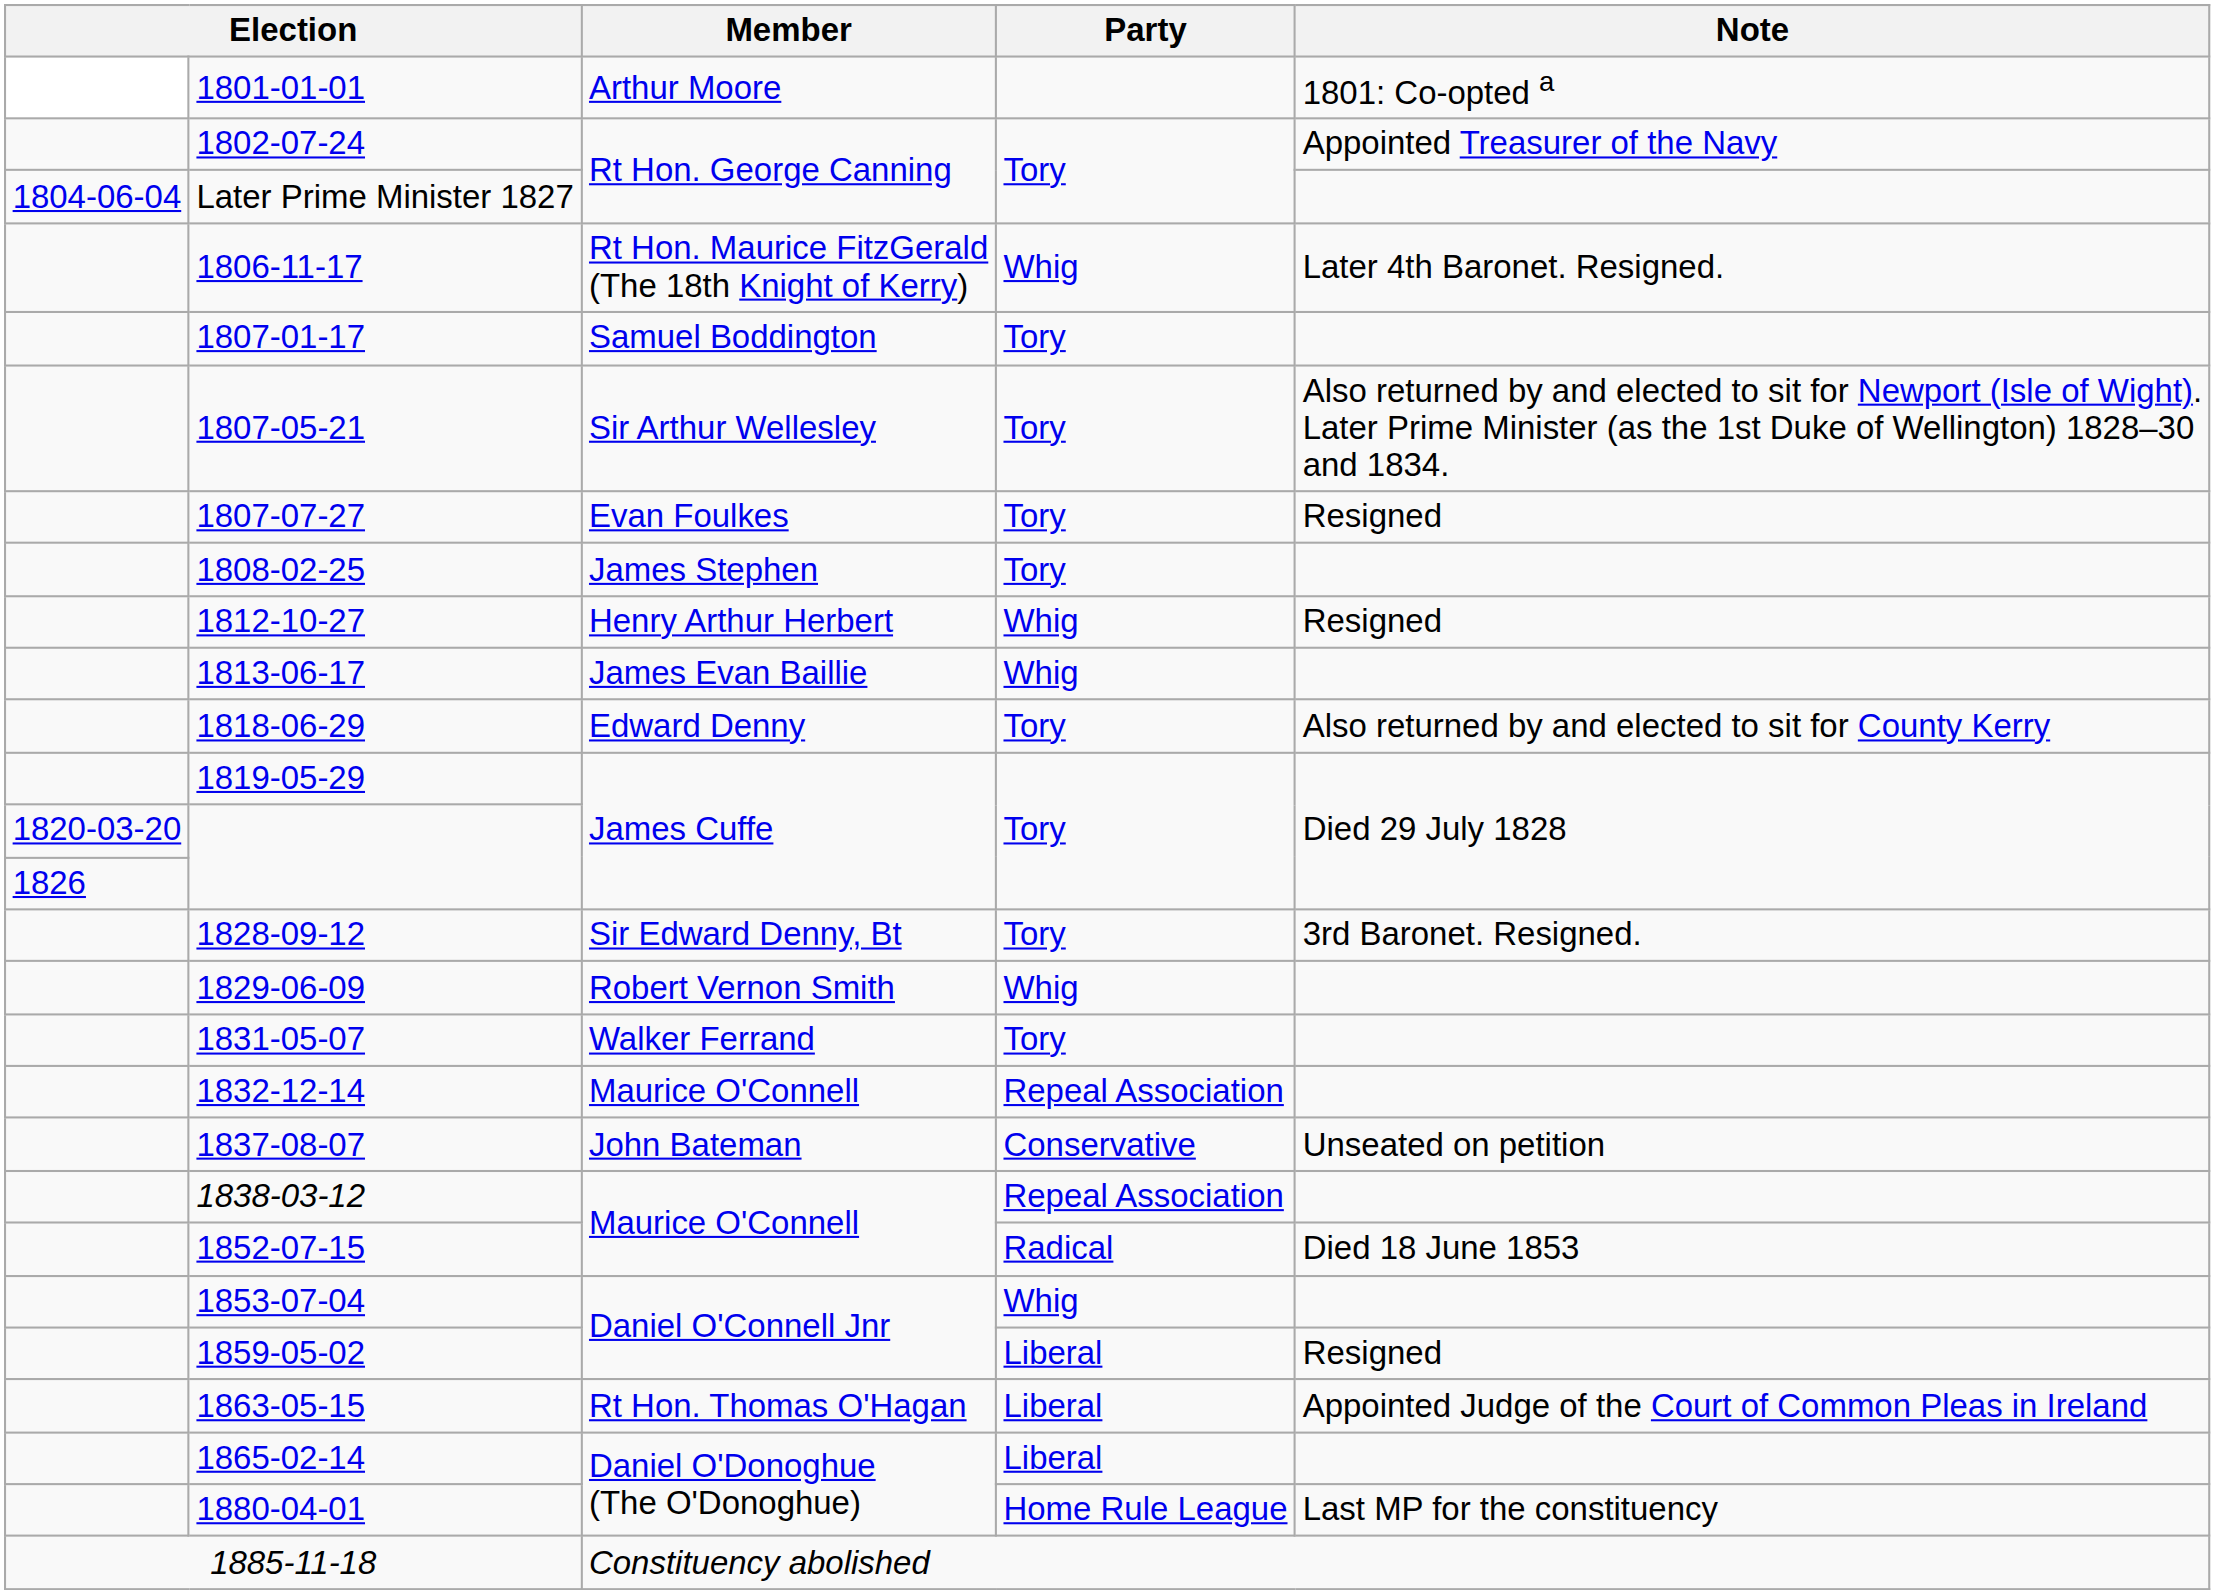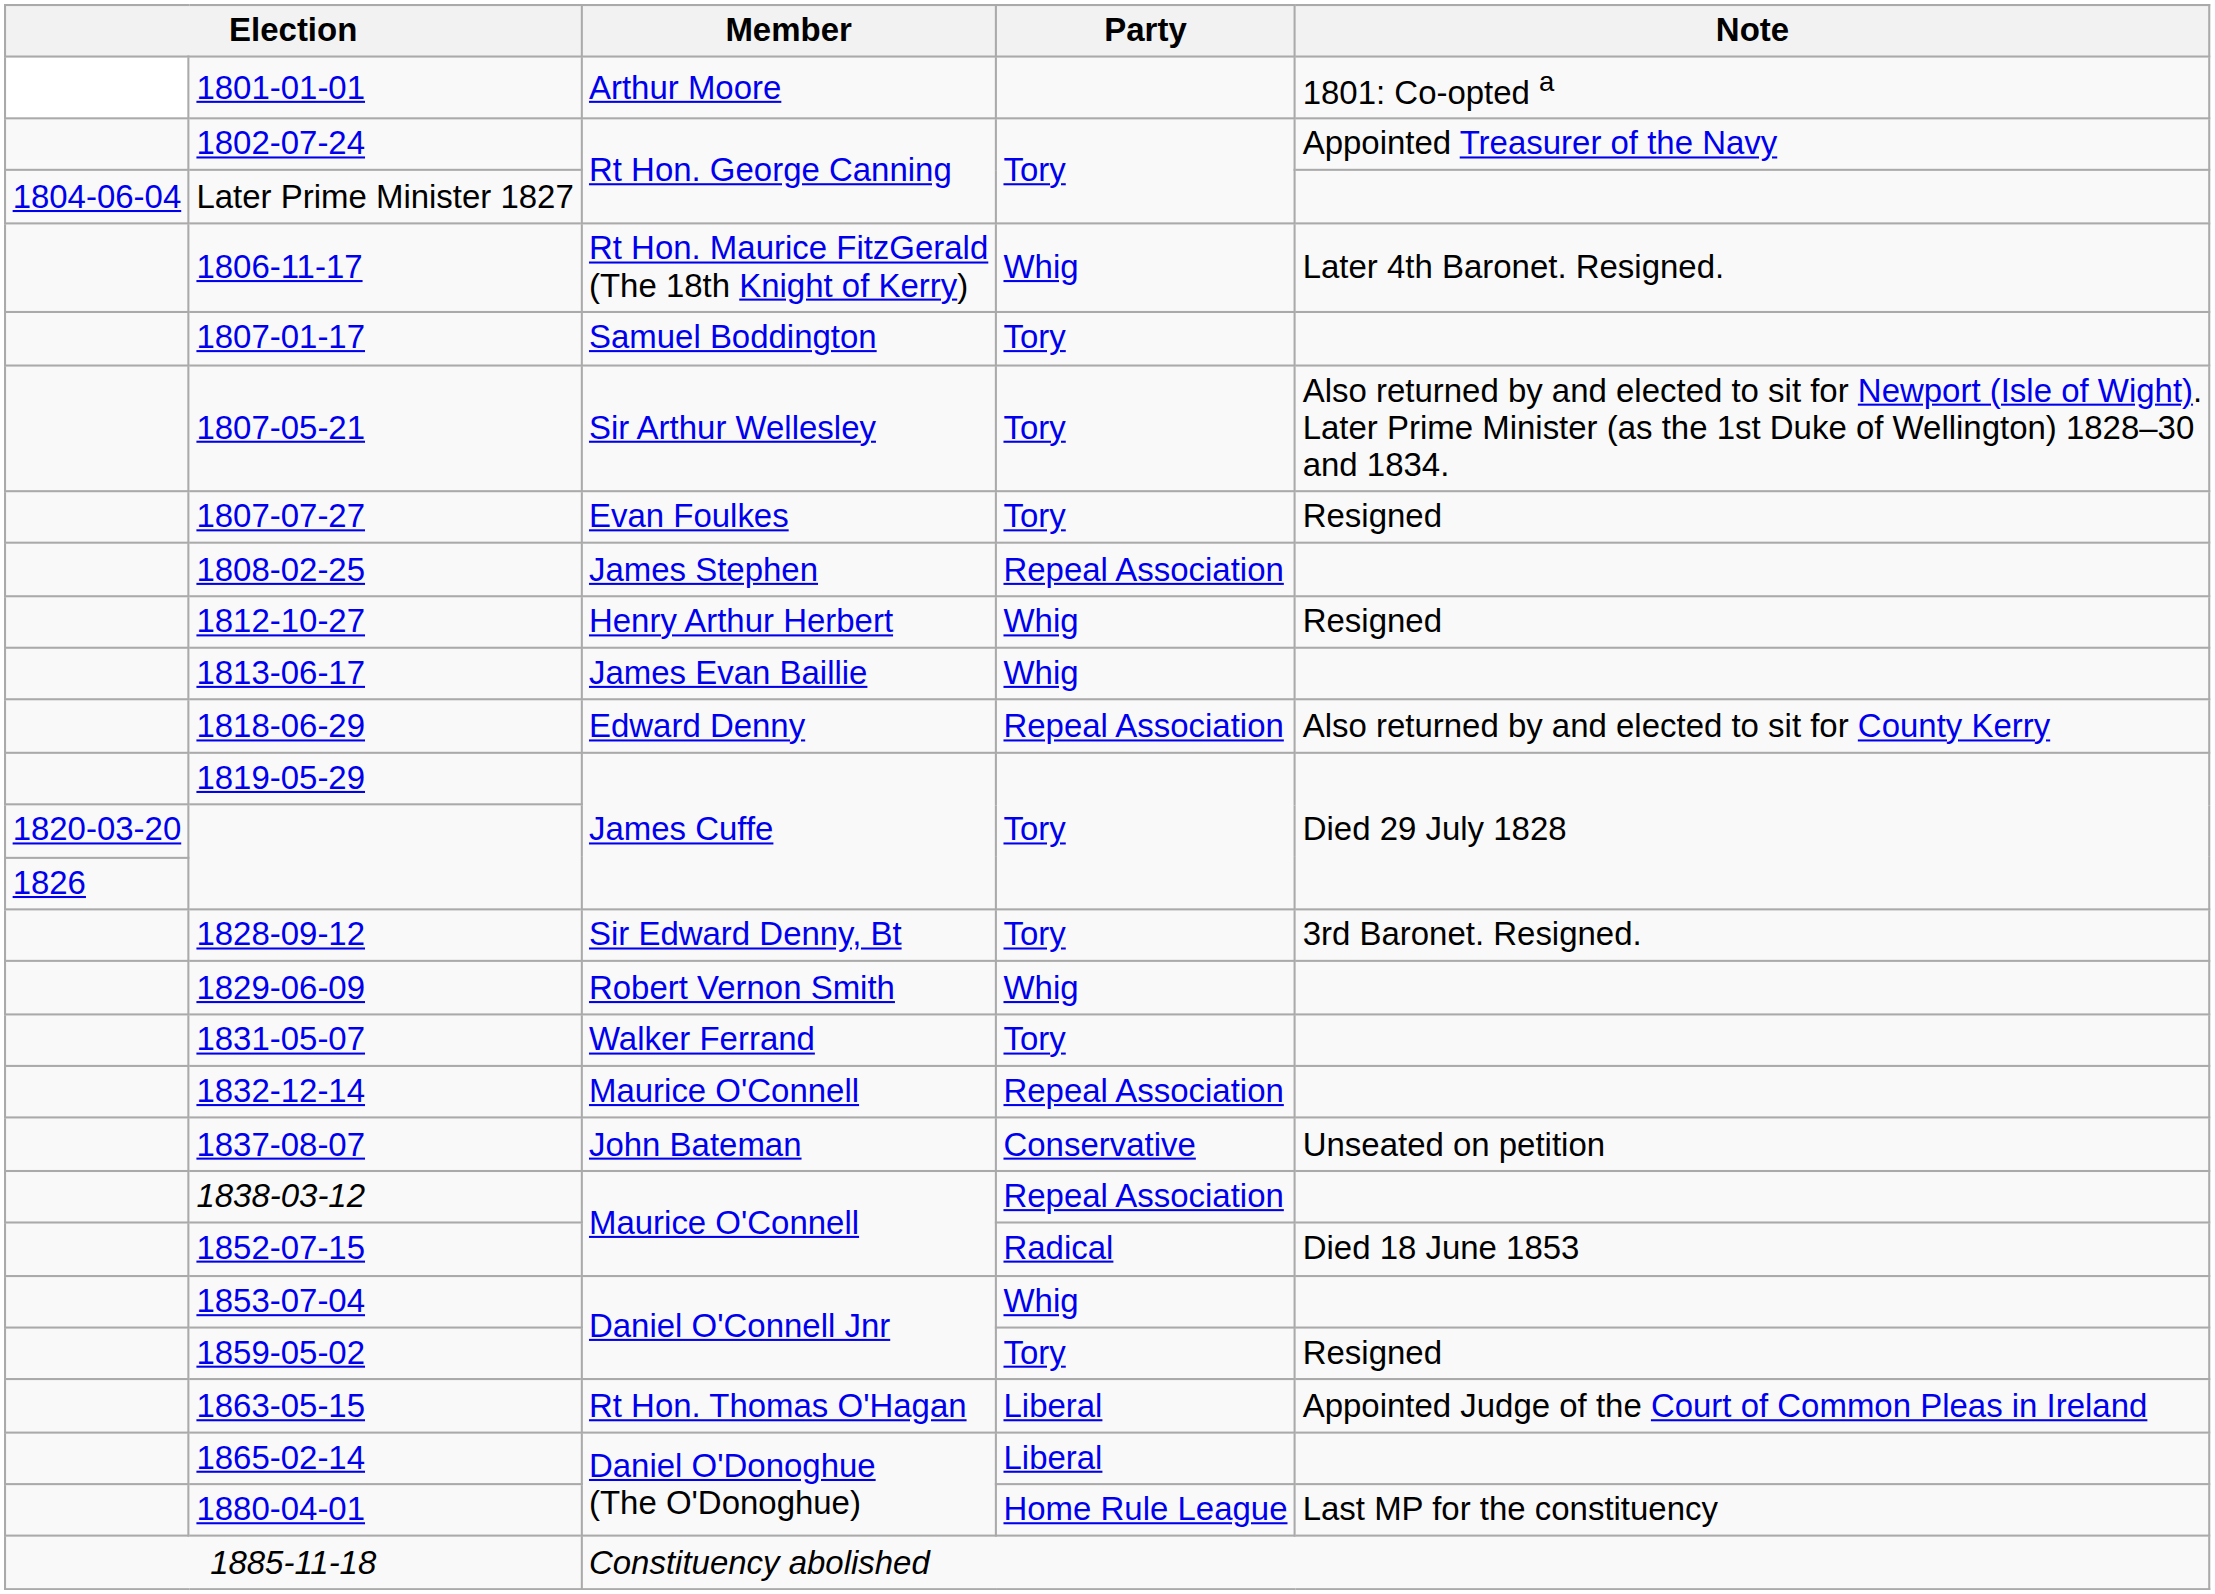 <table class="wikitable">
 <tr>
 <th colspan="2">Election</th>
 <th>Member</th>
 <th>Party</th>
 <th>Note</th>
 </tr>
 <tr>
 <td style="color:inherit;background-color: white"></td>
 <td><a href='#'>1801-01-01</a></td>
 <td><a href='#'>Arthur Moore</a></td>
 <td></td>
 <td>1801: Co-opted <sup>a</sup></td>
 </tr>
 <tr>
 <td style="color:inherit;background-color: "></td>
 <td><a href='#'>1802-07-24</a></td>
 <td rowspan="2"><a href='#'>Rt Hon. George Canning</a></td>
 <td rowspan="2"><a href='#'>Tory</a></td>
 <td>Appointed <a href='#'>Treasurer of the Navy</a></td>
 </tr>
 <tr>
 <td><a href='#'>1804-06-04</a></td>
 <td>Later Prime Minister 1827</td>
 </tr>
 <tr>
 <td style="color:inherit;background-color: "></td>
 <td><a href='#'>1806-11-17</a></td>
 <td><a href='#'>Rt Hon. Maurice FitzGerald</a><br>(The 18th <a href='#'>Knight of Kerry</a>)</td>
 <td><a href='#'>Whig</a></td>
 <td>Later 4th Baronet. Resigned.</td>
 </tr>
 <tr>
 <td style="color:inherit;background-color: "></td>
 <td><a href='#'>1807-01-17</a></td>
 <td><a href='#'>Samuel Boddington</a></td>
 <td><a href='#'>Tory</a></td>
 <td></td>
 </tr>
 <tr>
 <td style="color:inherit;background-color: "></td>
 <td><a href='#'>1807-05-21</a></td>
 <td><a href='#'>Sir Arthur Wellesley</a></td>
 <td><a href='#'>Tory</a></td>
 <td>Also returned by and elected to sit for <a href='#'>Newport (Isle of Wight)</a>.<br>Later Prime Minister (as the 1st Duke of Wellington) 1828–30<br>and 1834.</td>
 </tr>
 <tr>
 <td style="color:inherit;background-color: "></td>
 <td><a href='#'>1807-07-27</a></td>
 <td><a href='#'>Evan Foulkes</a></td>
 <td><a href='#'>Tory</a></td>
 <td>Resigned</td>
 </tr>
 <tr>
 <td style="color:inherit;background-color: "></td>
 <td><a href='#'>1808-02-25</a></td>
 <td><a href='#'>James Stephen</a></td>
-<td><a href='#'>Tory</a></td>
+<td><a href='#'>Repeal Association</a></td>
 <td></td>
 </tr>
 <tr>
 <td style="color:inherit;background-color: "></td>
 <td><a href='#'>1812-10-27</a></td>
 <td><a href='#'>Henry Arthur Herbert</a></td>
 <td><a href='#'>Whig</a></td>
 <td>Resigned</td>
 </tr>
 <tr>
 <td style="color:inherit;background-color: "></td>
 <td><a href='#'>1813-06-17</a></td>
 <td><a href='#'>James Evan Baillie</a></td>
 <td><a href='#'>Whig</a></td>
 <td></td>
 </tr>
 <tr>
 <td style="color:inherit;background-color: "></td>
 <td><a href='#'>1818-06-29</a></td>
 <td><a href='#'>Edward Denny</a></td>
-<td><a href='#'>Tory</a></td>
+<td><a href='#'>Repeal Association</a></td>
 <td>Also returned by and elected to sit for <a href='#'>County Kerry</a></td>
 </tr>
 <tr>
 <td style="color:inherit;background-color: "></td>
 <td><a href='#'>1819-05-29</a></td>
 <td rowspan="3"><a href='#'>James Cuffe</a></td>
 <td rowspan="3"><a href='#'>Tory</a></td>
 <td rowspan="3">Died 29 July 1828</td>
 </tr>
 <tr>
 <td><a href='#'>1820-03-20</a></td>
 </tr>
 <tr>
 <td><a href='#'>1826</a></td>
 </tr>
 <tr>
 <td style="color:inherit;background-color: "></td>
 <td><a href='#'>1828-09-12</a></td>
 <td><a href='#'>Sir Edward Denny, Bt</a></td>
 <td><a href='#'>Tory</a></td>
 <td>3rd Baronet. Resigned.</td>
 </tr>
 <tr>
 <td style="color:inherit;background-color: "></td>
 <td><a href='#'>1829-06-09</a></td>
 <td><a href='#'>Robert Vernon Smith</a></td>
 <td><a href='#'>Whig</a></td>
 <td></td>
 </tr>
 <tr>
 <td style="color:inherit;background-color: "></td>
 <td><a href='#'>1831-05-07</a></td>
 <td><a href='#'>Walker Ferrand</a></td>
 <td><a href='#'>Tory</a></td>
 <td></td>
 </tr>
 <tr>
 <td style="color:inherit;background-color: "></td>
 <td><a href='#'>1832-12-14</a></td>
 <td><a href='#'>Maurice O'Connell</a></td>
 <td><a href='#'>Repeal Association</a></td>
 <td></td>
 </tr>
 <tr>
 <td style="color:inherit;background-color: "></td>
 <td><a href='#'>1837-08-07</a></td>
 <td><a href='#'>John Bateman</a></td>
 <td><a href='#'>Conservative</a></td>
 <td>Unseated on petition</td>
 </tr>
 <tr>
 <td style="color:inherit;background-color: "></td>
 <td><em>1838-03-12</em></td>
 <td rowspan="2"><a href='#'>Maurice O'Connell</a></td>
 <td><a href='#'>Repeal Association</a></td>
 <td></td>
 </tr>
 <tr>
 <td style="color:inherit;background-color: "></td>
 <td><a href='#'>1852-07-15</a></td>
 <td><a href='#'>Radical</a></td>
 <td>Died 18 June 1853</td>
 </tr>
 <tr>
 <td style="color:inherit;background-color: "></td>
 <td><a href='#'>1853-07-04</a></td>
 <td rowspan="2"><a href='#'>Daniel O'Connell Jnr</a></td>
 <td><a href='#'>Whig</a></td>
 <td></td>
 </tr>
 <tr>
 <td style="color:inherit;background-color: "></td>
 <td><a href='#'>1859-05-02</a></td>
-<td><a href='#'>Liberal</a></td>
+<td><a href='#'>Tory</a></td>
 <td>Resigned</td>
 </tr>
 <tr>
 <td style="color:inherit;background-color: "></td>
 <td><a href='#'>1863-05-15</a></td>
 <td><a href='#'>Rt Hon. Thomas O'Hagan</a></td>
 <td><a href='#'>Liberal</a></td>
 <td>Appointed Judge of the <a href='#'>Court of Common Pleas in Ireland</a></td>
 </tr>
 <tr>
 <td style="color:inherit;background-color: "></td>
 <td><a href='#'>1865-02-14</a></td>
 <td rowspan="2"><a href='#'>Daniel O'Donoghue</a><br>(The O'Donoghue)</td>
 <td><a href='#'>Liberal</a></td>
 <td></td>
 </tr>
 <tr>
 <td style="color:inherit;background-color: "></td>
 <td><a href='#'>1880-04-01</a></td>
 <td><a href='#'>Home Rule League</a></td>
 <td>Last MP for the constituency</td>
 </tr>
 <tr>
 <td colspan="2" align="center"><em>1885-11-18</em></td>
 <td colspan="3"><em>Constituency abolished</em></td>
 </tr>
 </table>
